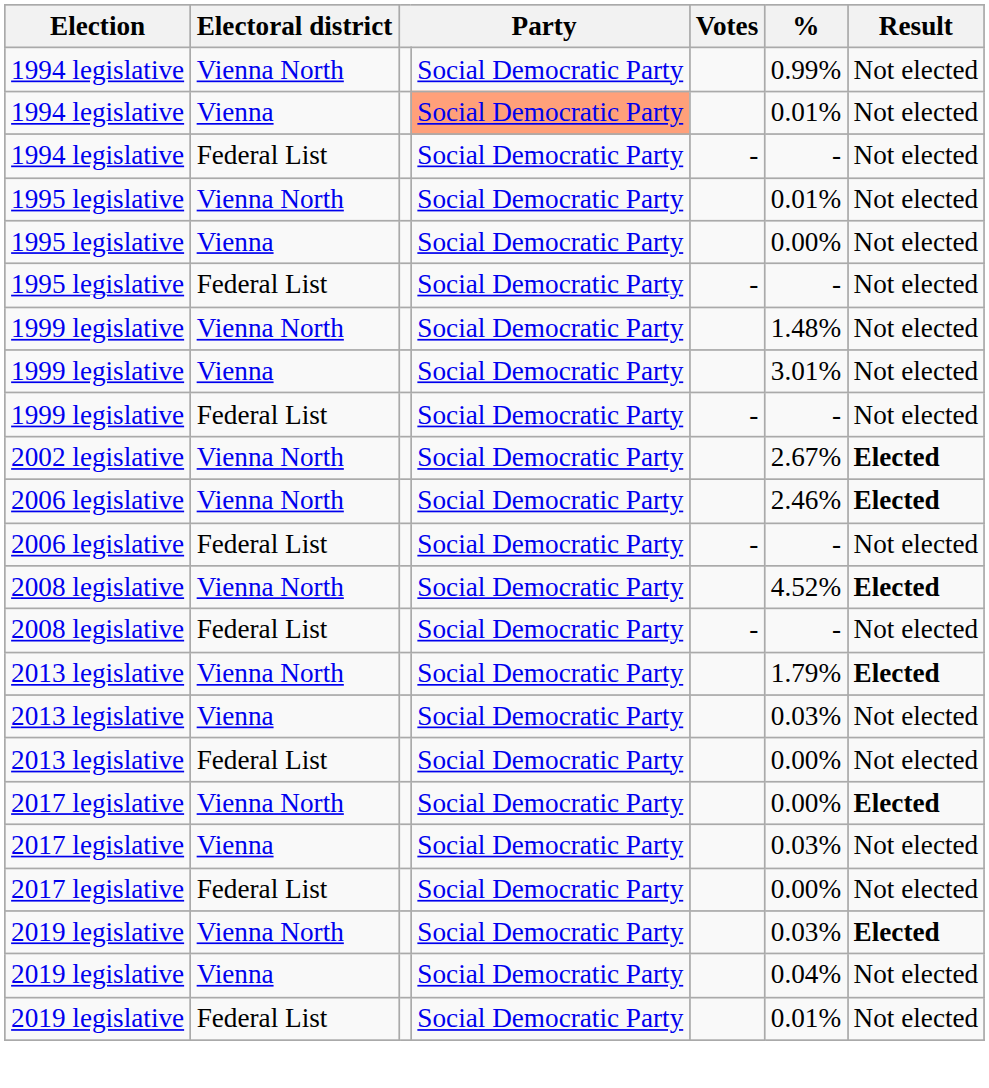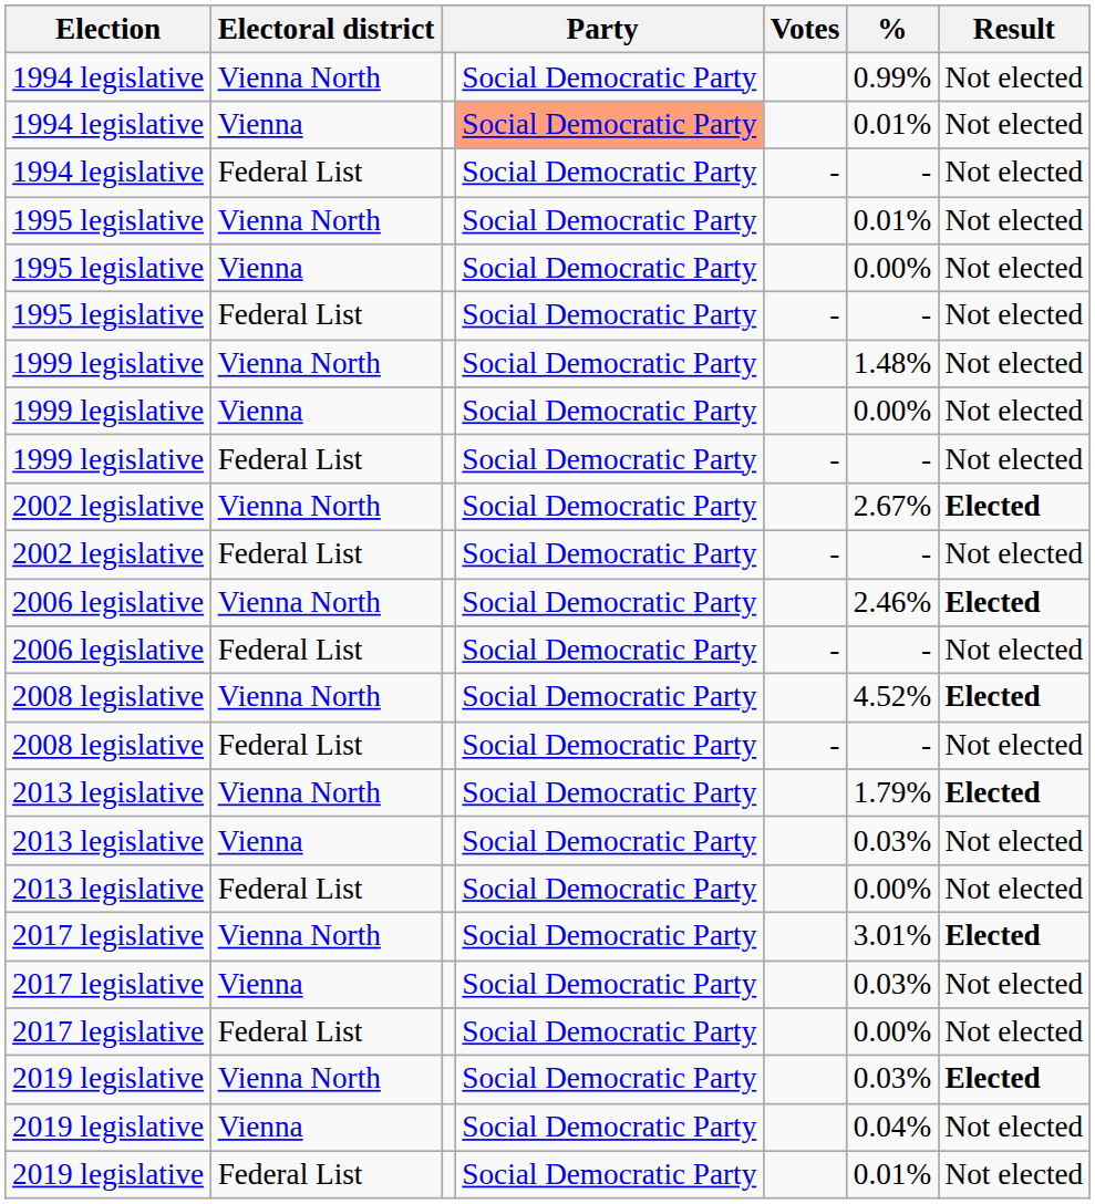 <table class="wikitable" style="text-align:left;">
 <tr>
 <th scope=col>Election</th>
 <th scope=col>Electoral district</th>
 <th scope=col colspan="2">Party</th>
 <th scope=col>Votes</th>
 <th scope=col>%</th>
 <th scope=col>Result</th>
 </tr>
 <tr>
 <td><a href='#'>1994 legislative</a></td>
 <td><a href='#'>Vienna North</a></td>
 <td style="background:"></td>
 <td><a href='#'>Social Democratic Party</a></td>
 <td align=right></td>
 <td align=right>0.99%</td>
 <td>Not elected</td>
 </tr>
 <tr>
 <td><a href='#'>1994 legislative</a></td>
 <td><a href='#'>Vienna</a></td>
 <td style="background:"></td>
 <td style="background: lightsalmon;"><a href='#'>Social Democratic Party</a></td>
 <td align=right></td>
 <td align=right>0.01%</td>
 <td>Not elected</td>
 </tr>
 <tr>
 <td><a href='#'>1994 legislative</a></td>
 <td>Federal List</td>
 <td style="background:"></td>
 <td><a href='#'>Social Democratic Party</a></td>
 <td align=right>-</td>
 <td align=right>-</td>
 <td>Not elected</td>
 </tr>
 <tr>
 <td><a href='#'>1995 legislative</a></td>
 <td><a href='#'>Vienna North</a></td>
 <td style="background:"></td>
 <td><a href='#'>Social Democratic Party</a></td>
 <td align=right></td>
 <td align=right>0.01%</td>
 <td>Not elected</td>
 </tr>
 <tr>
 <td><a href='#'>1995 legislative</a></td>
 <td><a href='#'>Vienna</a></td>
 <td style="background:"></td>
 <td><a href='#'>Social Democratic Party</a></td>
 <td align=right></td>
 <td align=right>0.00%</td>
 <td>Not elected</td>
 </tr>
 <tr>
 <td><a href='#'>1995 legislative</a></td>
 <td>Federal List</td>
 <td style="background:"></td>
 <td><a href='#'>Social Democratic Party</a></td>
 <td align=right>-</td>
 <td align=right>-</td>
 <td>Not elected</td>
 </tr>
 <tr>
 <td><a href='#'>1999 legislative</a></td>
 <td><a href='#'>Vienna North</a></td>
 <td style="background:"></td>
 <td><a href='#'>Social Democratic Party</a></td>
 <td align=right></td>
 <td align=right>1.48%</td>
 <td>Not elected</td>
 </tr>
 <tr>
 <td><a href='#'>1999 legislative</a></td>
 <td><a href='#'>Vienna</a></td>
 <td style="background:"></td>
 <td><a href='#'>Social Democratic Party</a></td>
 <td align=right></td>
-<td align=right>3.01%</td>
+<td align=right>0.00%</td>
 <td>Not elected</td>
 </tr>
 <tr>
 <td><a href='#'>1999 legislative</a></td>
 <td>Federal List</td>
 <td style="background:"></td>
 <td><a href='#'>Social Democratic Party</a></td>
 <td align=right>-</td>
 <td align=right>-</td>
 <td>Not elected</td>
 </tr>
 <tr>
 <td><a href='#'>2002 legislative</a></td>
 <td><a href='#'>Vienna North</a></td>
 <td style="background:"></td>
 <td><a href='#'>Social Democratic Party</a></td>
 <td align=right></td>
 <td align=right>2.67%</td>
 <td><strong>Elected</strong></td>
+</tr>
+<tr>
+<td><a href='#'>2002 legislative</a></td>
+<td>Federal List</td>
+<td style="background:"></td>
+<td><a href='#'>Social Democratic Party</a></td>
+<td align=right>-</td>
+<td align=right>-</td>
+<td>Not elected</td>
 </tr>
 <tr>
 <td><a href='#'>2006 legislative</a></td>
 <td><a href='#'>Vienna North</a></td>
 <td style="background:"></td>
 <td><a href='#'>Social Democratic Party</a></td>
 <td align=right></td>
 <td align=right>2.46%</td>
 <td><strong>Elected</strong></td>
 </tr>
 <tr>
 <td><a href='#'>2006 legislative</a></td>
 <td>Federal List</td>
 <td style="background:"></td>
 <td><a href='#'>Social Democratic Party</a></td>
 <td align=right>-</td>
 <td align=right>-</td>
 <td>Not elected</td>
 </tr>
 <tr>
 <td><a href='#'>2008 legislative</a></td>
 <td><a href='#'>Vienna North</a></td>
 <td style="background:"></td>
 <td><a href='#'>Social Democratic Party</a></td>
 <td align=right></td>
 <td align=right>4.52%</td>
 <td><strong>Elected</strong></td>
 </tr>
 <tr>
 <td><a href='#'>2008 legislative</a></td>
 <td>Federal List</td>
 <td style="background:"></td>
 <td><a href='#'>Social Democratic Party</a></td>
 <td align=right>-</td>
 <td align=right>-</td>
 <td>Not elected</td>
 </tr>
 <tr>
 <td><a href='#'>2013 legislative</a></td>
 <td><a href='#'>Vienna North</a></td>
 <td style="background:"></td>
 <td><a href='#'>Social Democratic Party</a></td>
 <td align=right></td>
 <td align=right>1.79%</td>
 <td><strong>Elected</strong></td>
 </tr>
 <tr>
 <td><a href='#'>2013 legislative</a></td>
 <td><a href='#'>Vienna</a></td>
 <td style="background:"></td>
 <td><a href='#'>Social Democratic Party</a></td>
 <td align=right></td>
 <td align=right>0.03%</td>
 <td>Not elected</td>
 </tr>
 <tr>
 <td><a href='#'>2013 legislative</a></td>
 <td>Federal List</td>
 <td style="background:"></td>
 <td><a href='#'>Social Democratic Party</a></td>
 <td align=right></td>
 <td align=right>0.00%</td>
 <td>Not elected</td>
 </tr>
 <tr>
 <td><a href='#'>2017 legislative</a></td>
 <td><a href='#'>Vienna North</a></td>
 <td style="background:"></td>
 <td><a href='#'>Social Democratic Party</a></td>
 <td align=right></td>
-<td align=right>0.00%</td>
+<td align=right>3.01%</td>
 <td><strong>Elected</strong></td>
 </tr>
 <tr>
 <td><a href='#'>2017 legislative</a></td>
 <td><a href='#'>Vienna</a></td>
 <td style="background:"></td>
 <td><a href='#'>Social Democratic Party</a></td>
 <td align=right></td>
 <td align=right>0.03%</td>
 <td>Not elected</td>
 </tr>
 <tr>
 <td><a href='#'>2017 legislative</a></td>
 <td>Federal List</td>
 <td style="background:"></td>
 <td><a href='#'>Social Democratic Party</a></td>
 <td align=right></td>
 <td align=right>0.00%</td>
 <td>Not elected</td>
 </tr>
 <tr>
 <td><a href='#'>2019 legislative</a></td>
 <td><a href='#'>Vienna North</a></td>
 <td style="background:"></td>
 <td><a href='#'>Social Democratic Party</a></td>
 <td align=right></td>
 <td align=right>0.03%</td>
 <td><strong>Elected</strong></td>
 </tr>
 <tr>
 <td><a href='#'>2019 legislative</a></td>
 <td><a href='#'>Vienna</a></td>
 <td style="background:"></td>
 <td><a href='#'>Social Democratic Party</a></td>
 <td align=right></td>
 <td align=right>0.04%</td>
 <td>Not elected</td>
 </tr>
 <tr>
 <td><a href='#'>2019 legislative</a></td>
 <td>Federal List</td>
 <td style="background:"></td>
 <td><a href='#'>Social Democratic Party</a></td>
 <td align=right></td>
 <td align=right>0.01%</td>
 <td>Not elected</td>
 </tr>
 </table>
